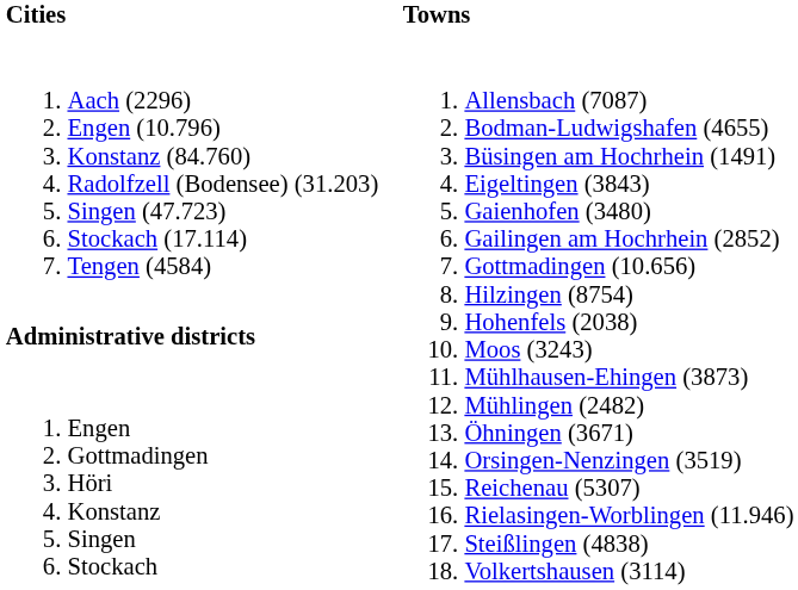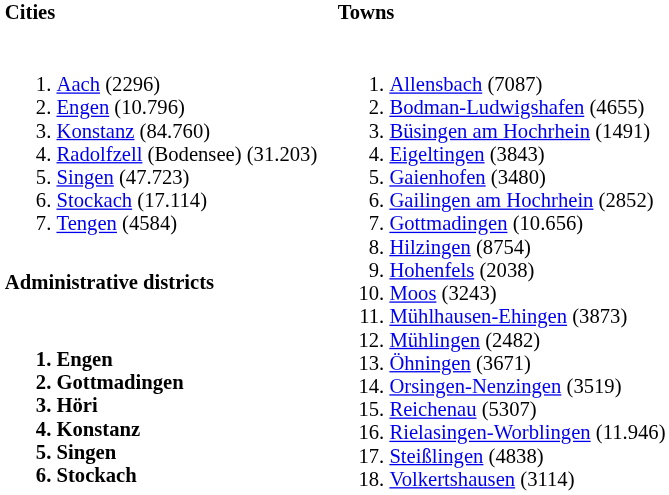 <table>
 <tr>
 <th width=50% align=left>Cities</th>
 <th width=50% align=left>Towns</th>
 </tr>
 <tr valign=top>
 <td><br><ol><li><a href='#'>Aach</a> (2296)</li><li><a href='#'>Engen</a> (10.796)</li><li><a href='#'>Konstanz</a> (84.760)</li><li><a href='#'>Radolfzell</a> (Bodensee) (31.203)</li><li><a href='#'>Singen</a> (47.723)</li><li><a href='#'>Stockach</a> (17.114)</li><li><a href='#'>Tengen</a> (4584)</li></ol></td>
 <td rowspan=3><br><ol><li><a href='#'>Allensbach</a> (7087)</li><li><a href='#'>Bodman-Ludwigshafen</a> (4655)</li><li><a href='#'>Büsingen am Hochrhein</a> (1491)</li><li><a href='#'>Eigeltingen</a> (3843)</li><li><a href='#'>Gaienhofen</a> (3480)</li><li><a href='#'>Gailingen am Hochrhein</a> (2852)</li><li><a href='#'>Gottmadingen</a> (10.656)</li><li><a href='#'>Hilzingen</a> (8754)</li><li><a href='#'>Hohenfels</a> (2038)</li><li><a href='#'>Moos</a> (3243)</li><li><a href='#'>Mühlhausen-Ehingen</a> (3873)</li><li><a href='#'>Mühlingen</a> (2482)</li><li><a href='#'>Öhningen</a> (3671)</li><li><a href='#'>Orsingen-Nenzingen</a> (3519)</li><li><a href='#'>Reichenau</a> (5307)</li><li><a href='#'>Rielasingen-Worblingen</a> (11.946)</li><li><a href='#'>Steißlingen</a> (4838)</li><li><a href='#'>Volkertshausen</a> (3114)</li></ol></td>
 </tr>
 <tr>
 <th align=left>Administrative districts</th>
 </tr>
 <tr>
-<td><br><ol><li>Engen</li><li>Gottmadingen</li><li>Höri</li><li>Konstanz</li><li>Singen</li><li>Stockach</li></ol></td>
+<td><strong><br><ol><li>Engen</li><li>Gottmadingen</li><li>Höri</li><li>Konstanz</li><li>Singen</li><li>Stockach</li></ol></strong></td>
 </tr>
 </table>
